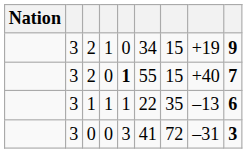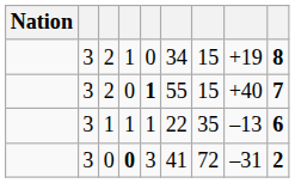 <table class="wikitable" style="text-align: center;">
 <tr>
 <th>Nation</th>
 <th></th>
 <th></th>
 <th></th>
 <th></th>
 <th></th>
 <th></th>
 <th></th>
 <th></th>
 </tr>
 <tr>
 <td align="left"></td>
 <td>3</td>
 <td>2</td>
 <td>1</td>
 <td>0</td>
 <td>34</td>
 <td>15</td>
 <td>+19</td>
-<td><strong>9</strong></td>
+<td><strong>8</strong></td>
 </tr>
 <tr>
 <td align="left"></td>
 <td>3</td>
 <td>2</td>
 <td>0</td>
 <td><strong>1</strong></td>
 <td>55</td>
 <td>15</td>
 <td>+40</td>
 <td><strong>7</strong></td>
 </tr>
 <tr>
 <td align="left"></td>
 <td>3</td>
 <td>1</td>
 <td>1</td>
 <td>1</td>
 <td>22</td>
 <td>35</td>
 <td>–13</td>
 <td><strong>6</strong></td>
 </tr>
 <tr>
 <td align="left"></td>
 <td>3</td>
 <td>0</td>
-<td>0</td>
+<td><strong>0</strong></td>
 <td>3</td>
 <td>41</td>
 <td>72</td>
 <td>–31</td>
-<td><strong>3</strong></td>
+<td><strong>2</strong></td>
 </tr>
 </table>
